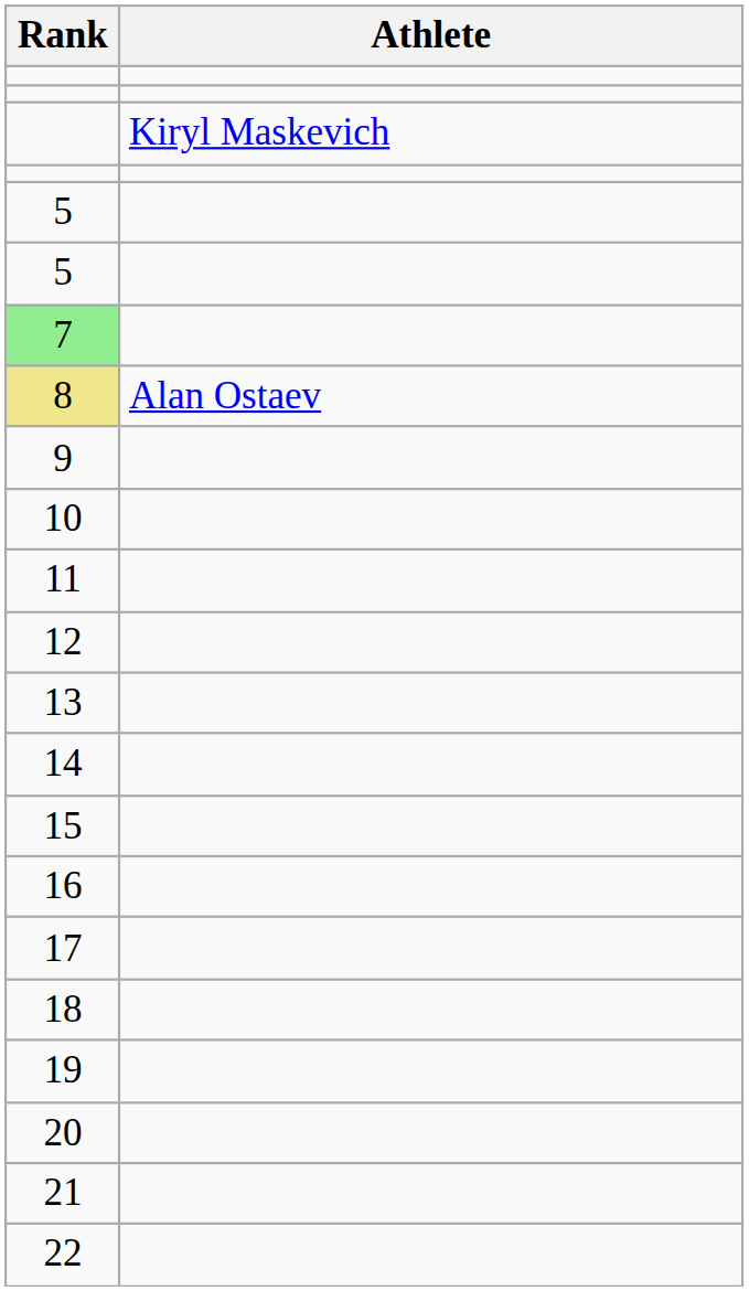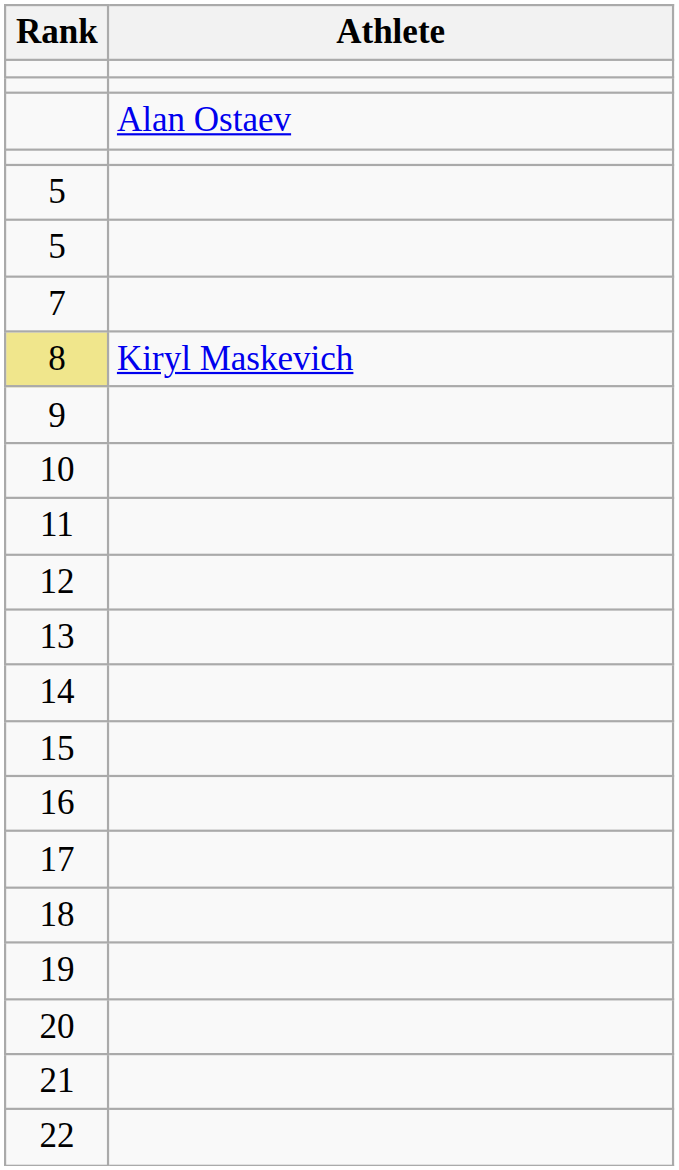 <table class="wikitable" style="text-align: center;">
 <tr>
 <th width=40>Rank</th>
 <th width=250>Athlete</th>
 </tr>
 <tr>
 <td></td>
 <td align="left"></td>
 </tr>
 <tr>
 <td></td>
 <td align="left"></td>
 </tr>
 <tr>
 <td></td>
-<td align="left"> <a href='#'>Kiryl Maskevich</a> </td>
+<td align="left"> <a href='#'>Alan Ostaev</a> </td>
 </tr>
 <tr>
 <td></td>
 <td align="left"></td>
 </tr>
 <tr>
 <td>5</td>
 <td align="left"></td>
 </tr>
 <tr>
 <td>5</td>
 <td align="left"></td>
 </tr>
 <tr>
-<td style="background: lightgreen;">7</td>
+<td>7</td>
 <td align="left"></td>
 </tr>
 <tr>
 <td style="background: khaki;">8</td>
-<td align="left"> <a href='#'>Alan Ostaev</a> </td>
+<td align="left"> <a href='#'>Kiryl Maskevich</a> </td>
 </tr>
 <tr>
 <td>9</td>
 <td align="left"></td>
 </tr>
 <tr>
 <td>10</td>
 <td align="left"></td>
 </tr>
 <tr>
 <td>11</td>
 <td align="left"></td>
 </tr>
 <tr>
 <td>12</td>
 <td align="left"></td>
 </tr>
 <tr>
 <td>13</td>
 <td align="left"></td>
 </tr>
 <tr>
 <td>14</td>
 <td align="left"></td>
 </tr>
 <tr>
 <td>15</td>
 <td align="left"></td>
 </tr>
 <tr>
 <td>16</td>
 <td align="left"></td>
 </tr>
 <tr>
 <td>17</td>
 <td align="left"></td>
 </tr>
 <tr>
 <td>18</td>
 <td align="left"></td>
 </tr>
 <tr>
 <td>19</td>
 <td align="left"></td>
 </tr>
 <tr>
 <td>20</td>
 <td align="left"></td>
 </tr>
 <tr>
 <td>21</td>
 <td align="left"></td>
 </tr>
 <tr>
 <td>22</td>
 <td align="left"></td>
 </tr>
 </table>
